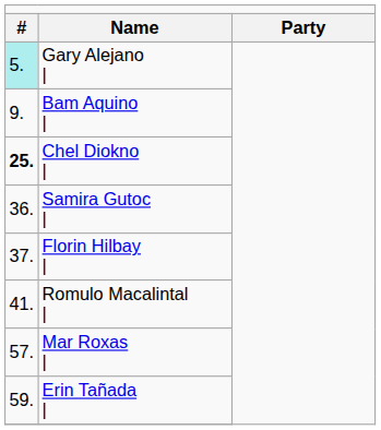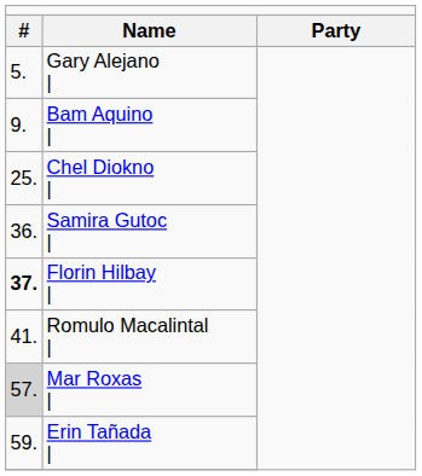 <table class=wikitable style="font-size:90%">
 <tr>
 <td colspan=4 bgcolor=></td>
 </tr>
 <tr>
 <th>#</th>
 <th width=150px>Name</th>
 <th colspan=2 width=110px>Party</th>
 </tr>
 <tr>
-<td style="background: paleturquoise;">5.</td>
+<td>5.</td>
 <td>Gary Alejano<br> | </td>
 </tr>
 <tr>
 <td>9.</td>
 <td><a href='#'>Bam Aquino</a><br> | </td>
 </tr>
 <tr>
-<td><strong>25.</strong></td>
+<td>25.</td>
 <td><a href='#'>Chel Diokno</a><br> | </td>
 </tr>
 <tr>
 <td>36.</td>
 <td><a href='#'>Samira Gutoc</a><br> | </td>
 </tr>
 <tr>
-<td>37.</td>
+<td><strong>37.</strong></td>
 <td><a href='#'>Florin Hilbay</a><br> | </td>
 </tr>
 <tr>
 <td>41.</td>
 <td>Romulo Macalintal<br> | </td>
 </tr>
 <tr>
-<td>57.</td>
+<td style="background: lightgrey;">57.</td>
 <td><a href='#'>Mar Roxas</a><br> | </td>
 </tr>
 <tr>
 <td>59.</td>
 <td><a href='#'>Erin Tañada</a><br> | </td>
 </tr>
 <tr>
 </tr>
 </table>
